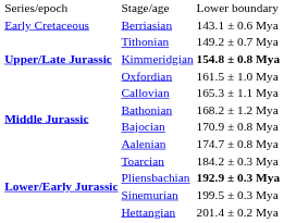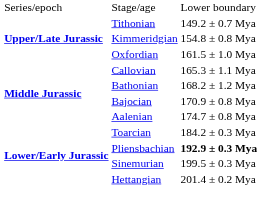 <table>
 <tr>
 <td>Series/epoch</td>
 <td>Stage/age</td>
 <td>Lower boundary</td>
-</tr>
-<tr>
-<td style="background-color: "><a href='#'>Early Cretaceous</a></td>
-<td style="background-color: "><a href='#'>Berriasian</a></td>
-<td>143.1 ± 0.6 Mya</td>
 </tr>
 <tr>
 <td rowspan="3" style="background-color: "><strong><a href='#'>Upper/Late Jurassic</a></strong></td>
 <td style="background-color: "><a href='#'>Tithonian</a></td>
 <td>149.2 ± 0.7 Mya</td>
 </tr>
 <tr>
 <td style="background-color: "><a href='#'>Kimmeridgian</a></td>
-<td><strong>154.8 ± 0.8 Mya</strong></td>
+<td>154.8 ± 0.8 Mya</td>
 </tr>
 <tr>
 <td style="background-color: "><a href='#'>Oxfordian</a></td>
 <td>161.5 ± 1.0 Mya</td>
 </tr>
 <tr>
 <td rowspan="4" style="background-color: "><strong><a href='#'>Middle Jurassic</a></strong></td>
 <td style="background-color: "><a href='#'>Callovian</a></td>
 <td>165.3 ± 1.1 Mya</td>
 </tr>
 <tr>
 <td style="background-color: "><a href='#'>Bathonian</a></td>
 <td>168.2 ± 1.2 Mya</td>
 </tr>
 <tr>
 <td style="background-color: "><a href='#'>Bajocian</a></td>
 <td>170.9 ± 0.8 Mya</td>
 </tr>
 <tr>
 <td style="background-color: "><a href='#'>Aalenian</a></td>
 <td>174.7 ± 0.8 Mya</td>
 </tr>
 <tr>
 <td rowspan="4" style="background-color: "><strong><a href='#'>Lower/Early Jurassic</a></strong></td>
 <td style="background-color: "><a href='#'>Toarcian</a></td>
 <td>184.2 ± 0.3 Mya</td>
 </tr>
 <tr>
 <td style="background-color: "><a href='#'>Pliensbachian</a></td>
 <td><strong>192.9 ± 0.3 Mya</strong></td>
 </tr>
 <tr>
 <td style="background-color: "><a href='#'>Sinemurian</a></td>
 <td>199.5 ± 0.3 Mya</td>
 </tr>
 <tr>
 <td style="background-color: "><a href='#'>Hettangian</a></td>
 <td>201.4 ± 0.2 Mya</td>
 </tr>
 </table>
